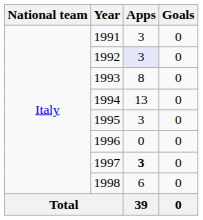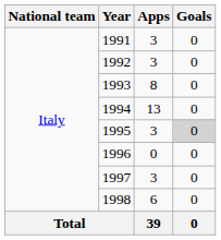 <table class="wikitable" style="text-align:center">
 <tr>
 <th>National team</th>
 <th>Year</th>
 <th>Apps</th>
 <th>Goals</th>
 </tr>
 <tr>
 <td rowspan="8"><a href='#'>Italy</a></td>
 <td>1991</td>
 <td>3</td>
 <td>0</td>
 </tr>
 <tr>
 <td>1992</td>
-<td style="background: lavender;">3</td>
+<td>3</td>
 <td>0</td>
 </tr>
 <tr>
 <td>1993</td>
 <td>8</td>
 <td>0</td>
 </tr>
 <tr>
 <td>1994</td>
 <td>13</td>
 <td>0</td>
 </tr>
 <tr>
 <td>1995</td>
 <td>3</td>
-<td>0</td>
+<td style="background: lightgrey;">0</td>
 </tr>
 <tr>
 <td>1996</td>
 <td>0</td>
 <td>0</td>
 </tr>
 <tr>
 <td>1997</td>
-<td><strong>3</strong></td>
+<td>3</td>
 <td>0</td>
 </tr>
 <tr>
 <td>1998</td>
 <td>6</td>
 <td>0</td>
 </tr>
 <tr>
 <th colspan="2">Total</th>
 <th>39</th>
 <th>0</th>
 </tr>
 </table>
